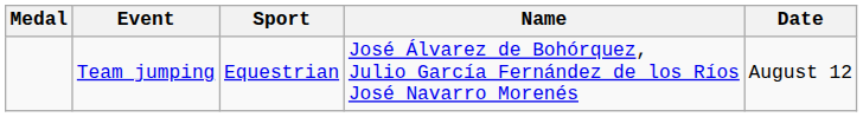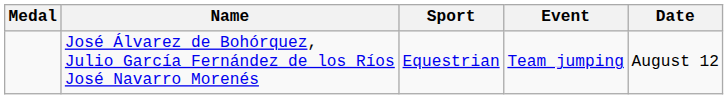 <table class="wikitable" style="font-size:95%">
 <tr>
 <th>Medal</th>
+<th>Name</th>
+<th>Sport</th>
 <th>Event</th>
-<th>Sport</th>
-<th>Name</th>
 <th>Date</th>
 </tr>
 <tr>
 <td></td>
+<td><a href='#'>José Álvarez de Bohórquez</a>,<br><a href='#'>Julio García Fernández de los Ríos</a><br><a href='#'>José Navarro Morenés</a></td>
+<td><a href='#'>Equestrian</a></td>
 <td><a href='#'>Team jumping</a></td>
-<td><a href='#'>Equestrian</a></td>
-<td><a href='#'>José Álvarez de Bohórquez</a>,<br><a href='#'>Julio García Fernández de los Ríos</a><br><a href='#'>José Navarro Morenés</a></td>
 <td>August 12</td>
 </tr>
 </table>
